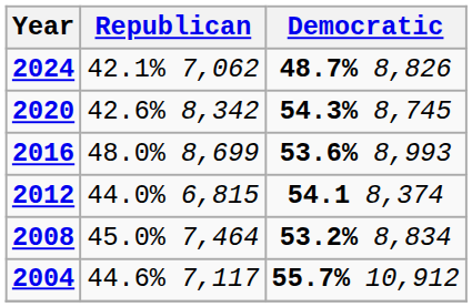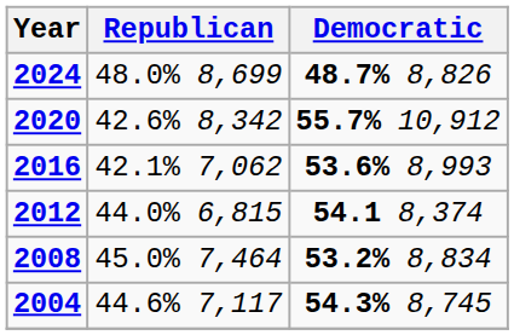 <table class="wikitable" style="float:right; margin: 1em 1em 1em 0; font-size: 95%;">
 <tr>
 <th>Year</th>
 <th><a href='#'>Republican</a></th>
 <th><a href='#'>Democratic</a></th>
 </tr>
 <tr>
 <td style="text-align:center; "><strong><a href='#'>2024</a></strong></td>
-<td style="text-align:center; ">42.1% <em>7,062</em></td>
+<td style="text-align:center; ">48.0% <em>8,699</em></td>
 <td style="text-align:center; "><strong>48.7%</strong> <em>8,826</em></td>
 </tr>
 <tr>
 <td style="text-align:center; "><strong><a href='#'>2020</a></strong></td>
 <td style="text-align:center; ">42.6% <em>8,342</em></td>
-<td style="text-align:center; "><strong>54.3%</strong> <em>8,745</em></td>
+<td style="text-align:center; "><strong>55.7%</strong>  <em>10,912</em></td>
 </tr>
 <tr>
 <td style="text-align:center; "><strong><a href='#'>2016</a></strong></td>
-<td style="text-align:center; ">48.0% <em>8,699</em></td>
+<td style="text-align:center; ">42.1% <em>7,062</em></td>
 <td style="text-align:center; "><strong>53.6%</strong>  <em>8,993</em></td>
 </tr>
 <tr>
 <td style="text-align:center; "><strong><a href='#'>2012</a></strong></td>
 <td style="text-align:center; ">44.0% <em>6,815</em></td>
 <td style="text-align:center; "><strong>54.1</strong>  <em>8,374</em></td>
 </tr>
 <tr>
 <td style="text-align:center; "><strong><a href='#'>2008</a></strong></td>
 <td style="text-align:center; ">45.0% <em>7,464</em></td>
 <td style="text-align:center; "><strong>53.2%</strong>  <em>8,834</em></td>
 </tr>
 <tr>
 <td style="text-align:center; "><strong><a href='#'>2004</a></strong></td>
 <td style="text-align:center; ">44.6% <em>7,117</em></td>
-<td style="text-align:center; "><strong>55.7%</strong>  <em>10,912</em></td>
+<td style="text-align:center; "><strong>54.3%</strong> <em>8,745</em></td>
 </tr>
 <tr>
 </tr>
 </table>
